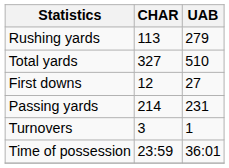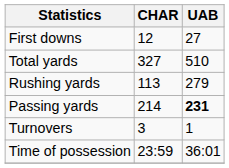 <table class="wikitable" style="float: right;">
 <tr>
 <th>Statistics</th>
 <th>CHAR</th>
 <th>UAB</th>
 </tr>
 <tr>
-<td>Rushing yards</td>
-<td>113</td>
-<td>279</td>
+<td>First downs</td>
+<td>12</td>
+<td>27</td>
 </tr>
 <tr>
 <td>Total yards</td>
 <td>327</td>
 <td>510</td>
 </tr>
 <tr>
-<td>First downs</td>
-<td>12</td>
-<td>27</td>
+<td>Rushing yards</td>
+<td>113</td>
+<td>279</td>
 </tr>
 <tr>
 <td>Passing yards</td>
 <td>214</td>
-<td>231</td>
+<td><strong>231</strong></td>
 </tr>
 <tr>
 <td>Turnovers</td>
 <td>3</td>
 <td>1</td>
 </tr>
 <tr>
 <td>Time of possession</td>
 <td>23:59</td>
 <td>36:01</td>
 </tr>
 <tr>
 </tr>
 </table>
